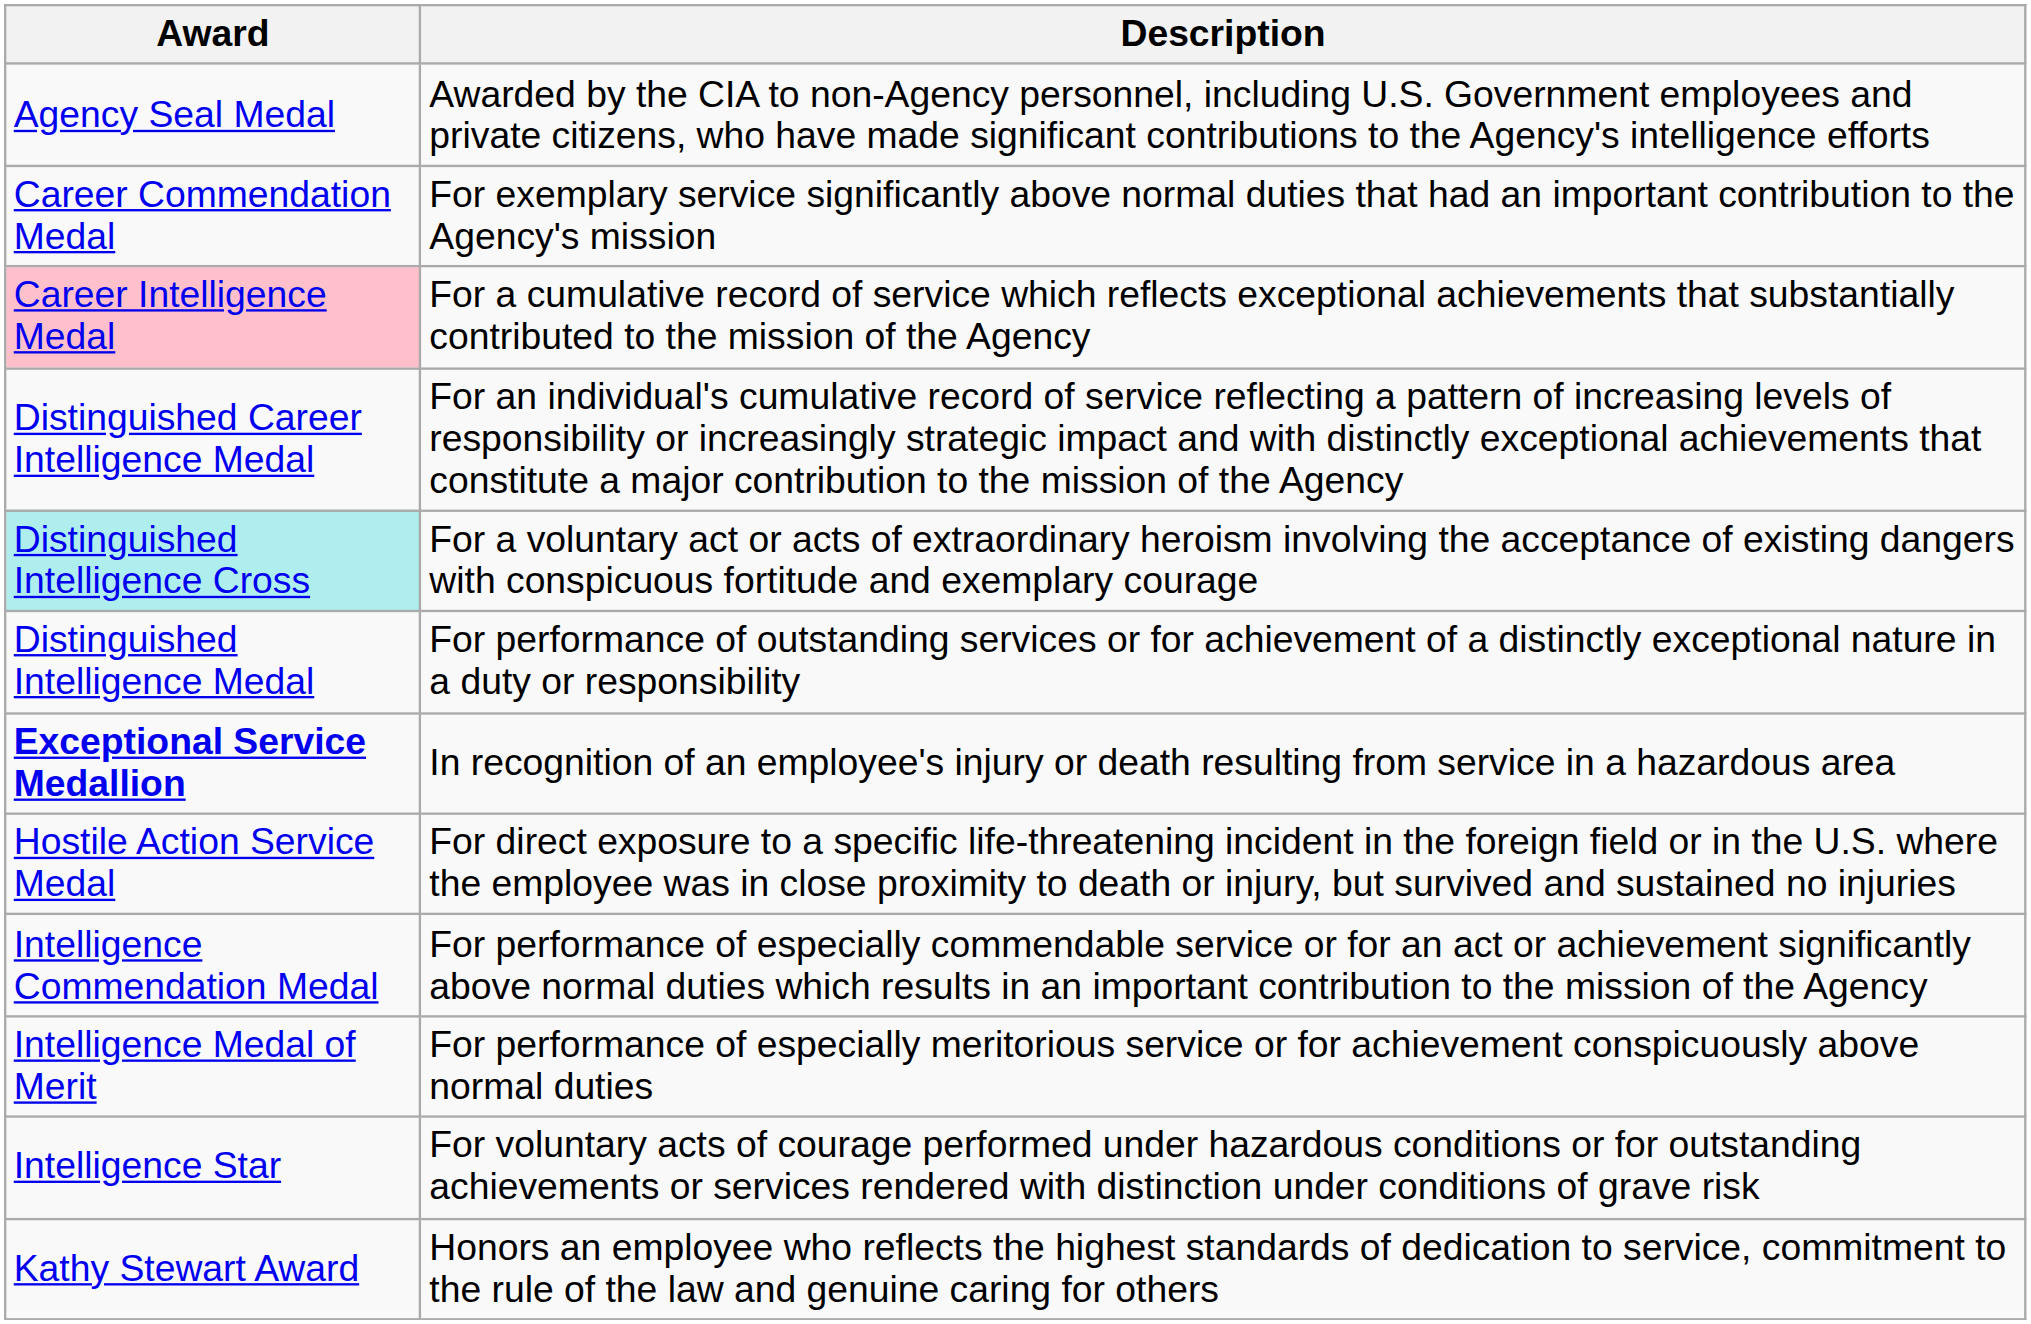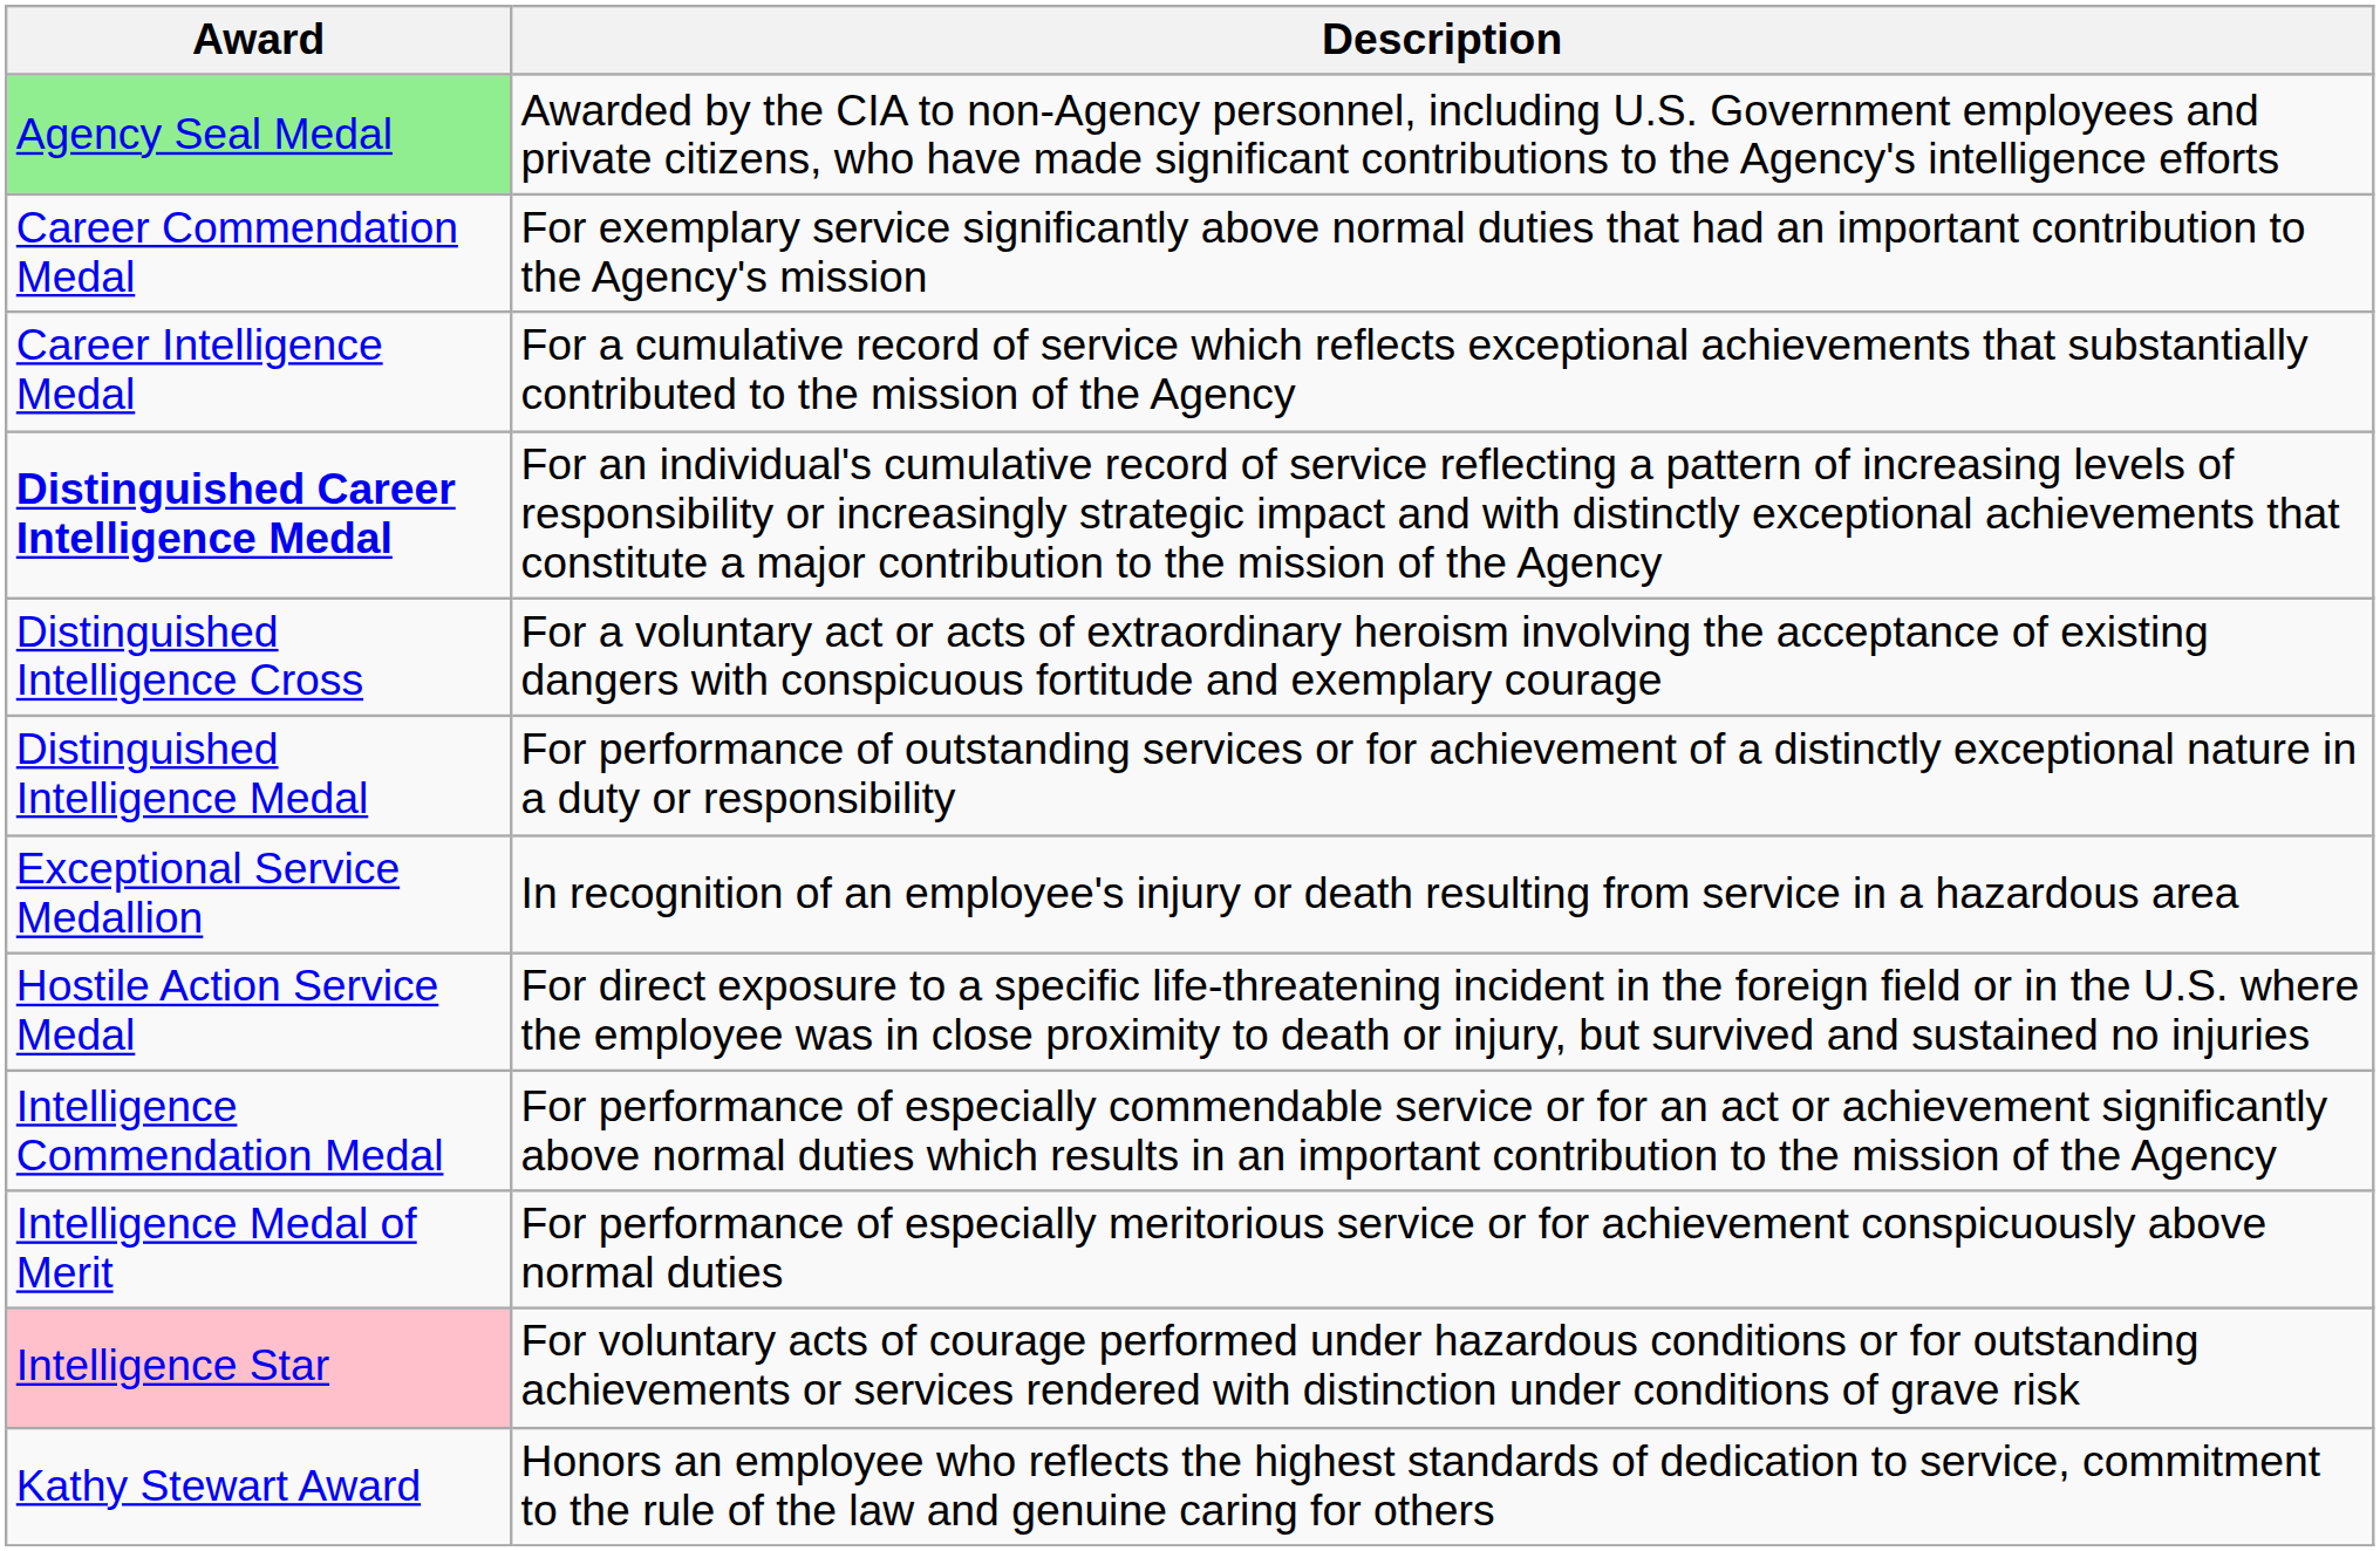 <table class=wikitable>
 <tr>
 <th>Award</th>
 <th>Description</th>
 </tr>
 <tr>
-<td><a href='#'>Agency Seal Medal</a></td>
+<td style="background: lightgreen;"><a href='#'>Agency Seal Medal</a></td>
 <td>Awarded by the CIA to non-Agency personnel, including U.S. Government employees and private citizens, who have made significant contributions to the Agency's intelligence efforts</td>
 </tr>
 <tr>
 <td><a href='#'>Career Commendation Medal</a></td>
 <td>For exemplary service significantly above normal duties that had an important contribution to the Agency's mission</td>
 </tr>
 <tr>
-<td style="background: pink;"><a href='#'>Career Intelligence Medal</a></td>
+<td><a href='#'>Career Intelligence Medal</a></td>
 <td>For a cumulative record of service which reflects exceptional achievements that substantially contributed to the mission of the Agency</td>
 </tr>
 <tr>
-<td><a href='#'>Distinguished Career Intelligence Medal</a></td>
+<td><strong><a href='#'>Distinguished Career Intelligence Medal</a></strong></td>
 <td>For an individual's cumulative record of service reflecting a pattern of increasing levels of responsibility or increasingly strategic impact and with distinctly exceptional achievements that constitute a major contribution to the mission of the Agency</td>
 </tr>
 <tr>
-<td style="background: paleturquoise;"><a href='#'>Distinguished Intelligence Cross</a></td>
+<td><a href='#'>Distinguished Intelligence Cross</a></td>
 <td>For a voluntary act or acts of extraordinary heroism involving the acceptance of existing dangers with conspicuous fortitude and exemplary courage</td>
 </tr>
 <tr>
 <td><a href='#'>Distinguished Intelligence Medal</a></td>
 <td>For performance of outstanding services or for achievement of a distinctly exceptional nature in a duty or responsibility</td>
 </tr>
 <tr>
-<td><strong><a href='#'>Exceptional Service Medallion</a></strong></td>
+<td><a href='#'>Exceptional Service Medallion</a></td>
 <td>In recognition of an employee's injury or death resulting from service in a hazardous area</td>
 </tr>
 <tr>
 <td><a href='#'>Hostile Action Service Medal</a></td>
 <td>For direct exposure to a specific life-threatening incident in the foreign field or in the U.S. where the employee was in close proximity to death or injury, but survived and sustained no injuries</td>
 </tr>
 <tr>
 <td><a href='#'>Intelligence Commendation Medal</a></td>
 <td>For performance of especially commendable service or for an act or achievement significantly above normal duties which results in an important contribution to the mission of the Agency</td>
 </tr>
 <tr>
 <td><a href='#'>Intelligence Medal of Merit</a></td>
 <td>For performance of especially meritorious service or for achievement conspicuously above normal duties</td>
 </tr>
 <tr>
-<td><a href='#'>Intelligence Star</a></td>
+<td style="background: pink;"><a href='#'>Intelligence Star</a></td>
 <td>For voluntary acts of courage performed under hazardous conditions or for outstanding achievements or services rendered with distinction under conditions of grave risk</td>
 </tr>
 <tr>
 <td><a href='#'>Kathy Stewart Award</a></td>
 <td>Honors an employee who reflects the highest standards of dedication to service, commitment to the rule of the law and genuine caring for others</td>
 </tr>
 </table>
